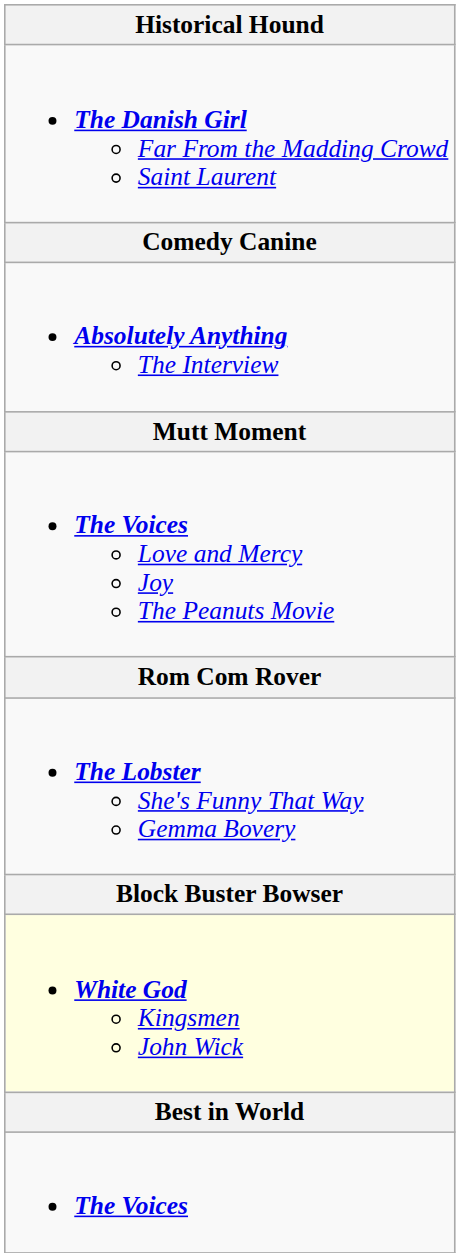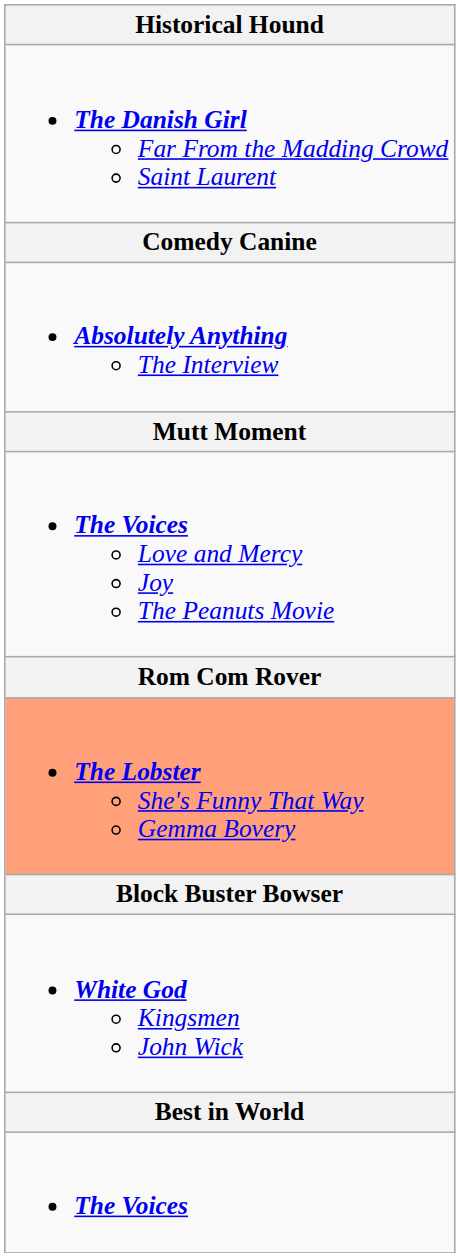 <table class="wikitable">
 <tr>
 <th><strong>Historical Hound</strong></th>
 </tr>
 <tr>
 <td><br><ul><li><strong><a href='#'><em>The Danish Girl</em></a></strong><ul><li><a href='#'><em>Far From the Madding Crowd</em></a></li><li><a href='#'><em>Saint Laurent</em></a></li></ul></li></ul></td>
 </tr>
 <tr>
 <th>Comedy Canine</th>
 </tr>
 <tr>
 <td><br><ul><li><strong><em><a href='#'>Absolutely Anything</a></em></strong><ul><li><em><a href='#'>The Interview</a></em></li></ul></li></ul></td>
 </tr>
 <tr>
 <th>Mutt Moment</th>
 </tr>
 <tr>
 <td><br><ul><li><strong><em><a href='#'>The Voices</a></em></strong><ul><li><a href='#'><em>Love and Mercy</em></a></li><li><a href='#'><em>Joy</em></a></li><li><em><a href='#'>The Peanuts Movie</a></em></li></ul></li></ul></td>
 </tr>
 <tr>
 <th>Rom Com Rover</th>
 </tr>
 <tr>
-<td><br><ul><li><strong><em><a href='#'>The Lobster</a></em></strong><ul><li><a href='#'><em>She's Funny That Way</em></a></li><li><a href='#'><em>Gemma Bovery</em></a></li></ul></li></ul></td>
+<td style="background: lightsalmon;"><br><ul><li><strong><em><a href='#'>The Lobster</a></em></strong><ul><li><a href='#'><em>She's Funny That Way</em></a></li><li><a href='#'><em>Gemma Bovery</em></a></li></ul></li></ul></td>
 </tr>
 <tr>
 <th>Block Buster Bowser</th>
 </tr>
 <tr>
-<td style="background: lightyellow;"><br><ul><li><strong><em><a href='#'>White God</a></em></strong><ul><li><a href='#'><em>Kingsmen</em></a></li><li><a href='#'><em>John Wick</em></a></li></ul></li></ul></td>
+<td><br><ul><li><strong><em><a href='#'>White God</a></em></strong><ul><li><a href='#'><em>Kingsmen</em></a></li><li><a href='#'><em>John Wick</em></a></li></ul></li></ul></td>
 </tr>
 <tr>
 <th>Best in World</th>
 </tr>
 <tr>
 <td><br><ul><li><strong><em><a href='#'>The Voices</a></em></strong></li></ul></td>
 </tr>
 </table>
